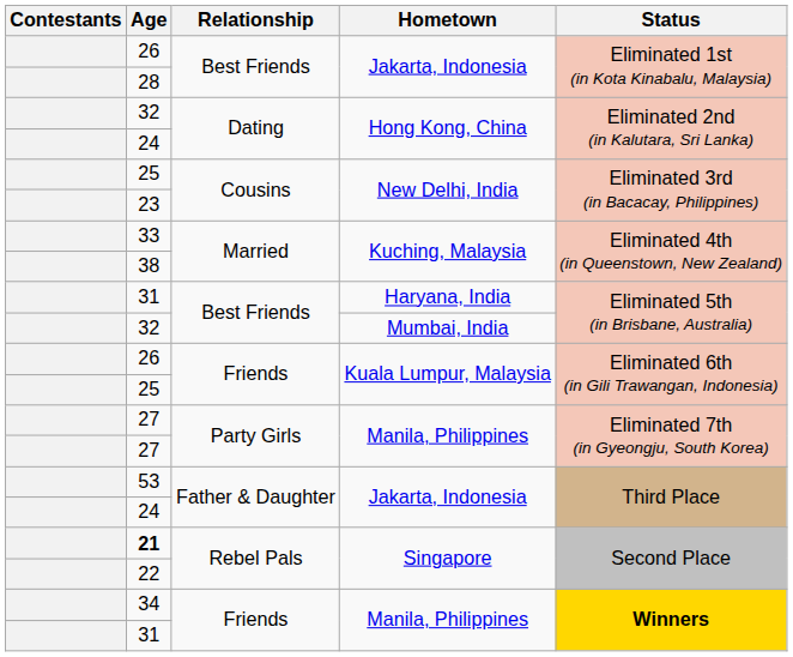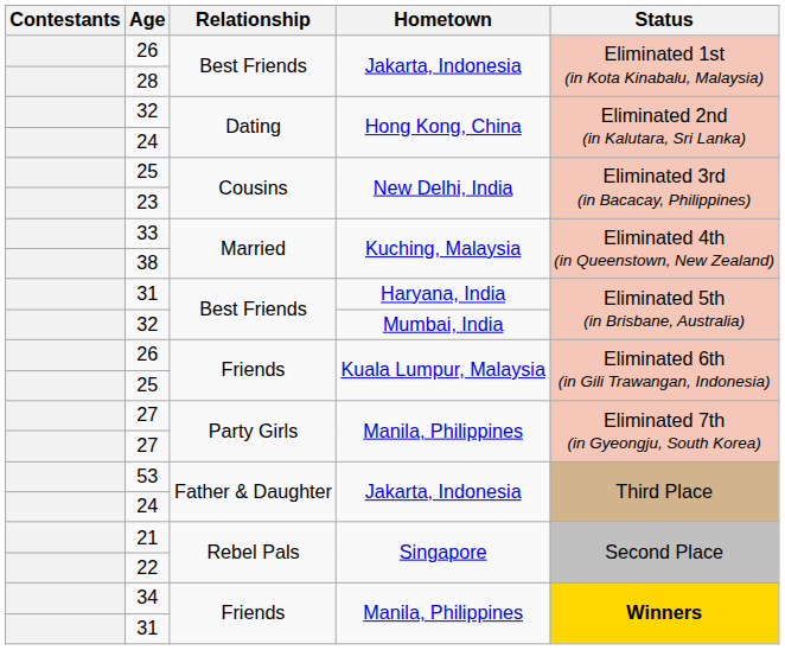 <table class="wikitable sortable" style="text-align:center;">
 <tr>
 <th scope="col">Contestants</th>
 <th scope="col">Age</th>
 <th class="unsortable" scope="col">Relationship</th>
 <th scope="col" class="unsortable">Hometown</th>
 <th scope="col">Status</th>
 </tr>
 <tr>
 <th scope="row"></th>
 <td>26</td>
 <td rowspan="2">Best Friends</td>
 <td rowspan="2"><a href='#'>Jakarta, Indonesia</a></td>
 <td rowspan="2" bgcolor="f4c7b8">Eliminated 1st<br><small><em>(in Kota Kinabalu, Malaysia)</em></small></td>
 </tr>
 <tr>
 <th scope="row"></th>
 <td>28</td>
 </tr>
 <tr>
 <th scope="row"></th>
 <td>32</td>
 <td rowspan="2">Dating</td>
 <td rowspan="2"><a href='#'>Hong Kong, China</a></td>
 <td rowspan="2" bgcolor="f4c7b8">Eliminated 2nd<br><small><em>(in Kalutara, Sri Lanka)</em></small></td>
 </tr>
 <tr>
 <th scope="row"></th>
 <td>24</td>
 </tr>
 <tr>
 <th scope="row"></th>
 <td>25</td>
 <td rowspan="2">Cousins</td>
 <td rowspan="2"><a href='#'>New Delhi, India</a></td>
 <td rowspan="2" bgcolor="f4c7b8">Eliminated 3rd<br><small><em>(in Bacacay, Philippines)</em></small></td>
 </tr>
 <tr>
 <th scope="row"></th>
 <td>23</td>
 </tr>
 <tr>
 <th scope="row"></th>
 <td>33</td>
 <td rowspan="2">Married</td>
 <td rowspan="2"><a href='#'>Kuching, Malaysia</a></td>
 <td rowspan="2" bgcolor="f4c7b8">Eliminated 4th<br><small><em>(in Queenstown, New Zealand)</em></small></td>
 </tr>
 <tr>
 <th scope="row"></th>
 <td>38</td>
 </tr>
 <tr>
 <th scope="row"></th>
 <td>31</td>
 <td rowspan="2">Best Friends</td>
 <td><a href='#'>Haryana, India</a></td>
 <td rowspan="2" bgcolor="f4c7b8">Eliminated 5th<br><small><em>(in Brisbane, Australia)</em></small></td>
 </tr>
 <tr>
 <th scope="row"></th>
 <td>32</td>
 <td><a href='#'>Mumbai, India</a></td>
 </tr>
 <tr>
 <th scope="row"></th>
 <td>26</td>
 <td rowspan="2">Friends</td>
 <td rowspan="2"><a href='#'>Kuala Lumpur, Malaysia</a></td>
 <td rowspan="2" bgcolor="f4c7b8">Eliminated 6th<br><small><em>(in Gili Trawangan, Indonesia)</em></small></td>
 </tr>
 <tr>
 <th scope="row"></th>
 <td>25</td>
 </tr>
 <tr>
 <th scope="row"></th>
 <td>27</td>
 <td rowspan="2">Party Girls</td>
 <td rowspan="2"><a href='#'>Manila, Philippines</a></td>
 <td rowspan="2" bgcolor="f4c7b8">Eliminated 7th<br><small><em>(in Gyeongju, South Korea)</em></small></td>
 </tr>
 <tr>
 <th scope="row"></th>
 <td>27</td>
 </tr>
 <tr>
 <th scope="row"></th>
 <td>53</td>
 <td rowspan="2">Father & Daughter</td>
 <td rowspan="2"><a href='#'>Jakarta, Indonesia</a></td>
 <td rowspan="2" bgcolor="tan">Third Place</td>
 </tr>
 <tr>
 <th scope="row"></th>
 <td>24</td>
 </tr>
 <tr>
 <th scope="row"></th>
-<td><strong>21</strong></td>
+<td>21</td>
 <td rowspan="2">Rebel Pals</td>
 <td rowspan="2"><a href='#'>Singapore</a></td>
 <td rowspan="2" bgcolor="silver">Second Place</td>
 </tr>
 <tr>
 <th scope="row"></th>
 <td>22</td>
 </tr>
 <tr>
 <th scope="row"></th>
 <td>34</td>
 <td rowspan="2">Friends</td>
 <td rowspan="2"><a href='#'>Manila, Philippines</a></td>
 <td rowspan="2" bgcolor="gold"><strong>Winners</strong></td>
 </tr>
 <tr>
 <th scope="row"></th>
 <td>31</td>
 </tr>
 </table>
